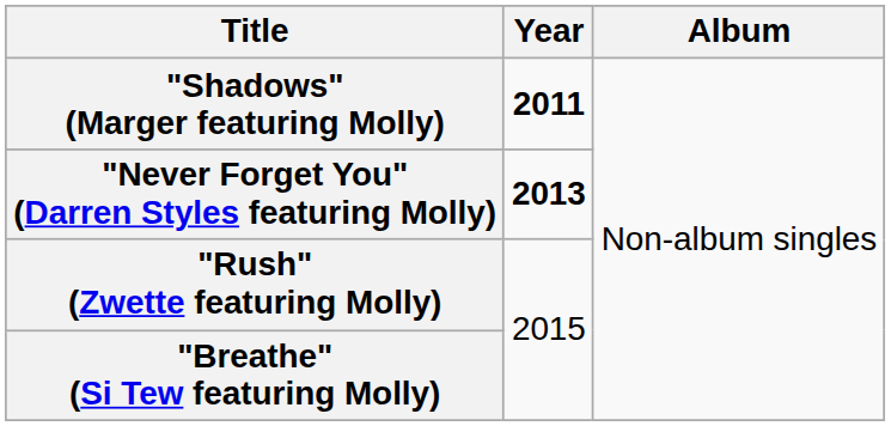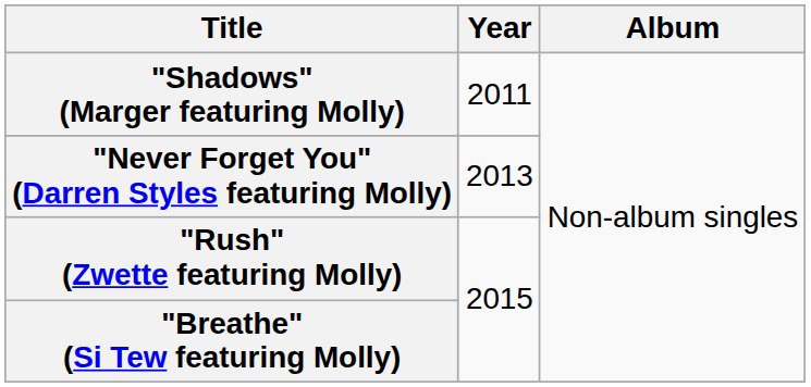 <table class="wikitable plainrowheaders" style="text-align:center;">
 <tr>
 <th scope="col">Title</th>
 <th scope="col">Year</th>
 <th scope="col">Album</th>
 </tr>
 <tr>
 <th scope="row">"Shadows"<br><span>(Marger featuring Molly)</span></th>
-<td><strong>2011</strong></td>
+<td>2011</td>
 <td rowspan="4">Non-album singles</td>
 </tr>
 <tr>
 <th scope="row">"Never Forget You"<br><span>(<a href='#'>Darren Styles</a> featuring Molly)</span></th>
-<td><strong>2013</strong></td>
+<td>2013</td>
 </tr>
 <tr>
 <th scope="row">"Rush"<br><span>(<a href='#'>Zwette</a> featuring Molly)</span></th>
 <td rowspan="2">2015</td>
 </tr>
 <tr>
 <th scope="row">"Breathe"<br><span>(<a href='#'>Si Tew</a> featuring Molly)</span></th>
 </tr>
 </table>
